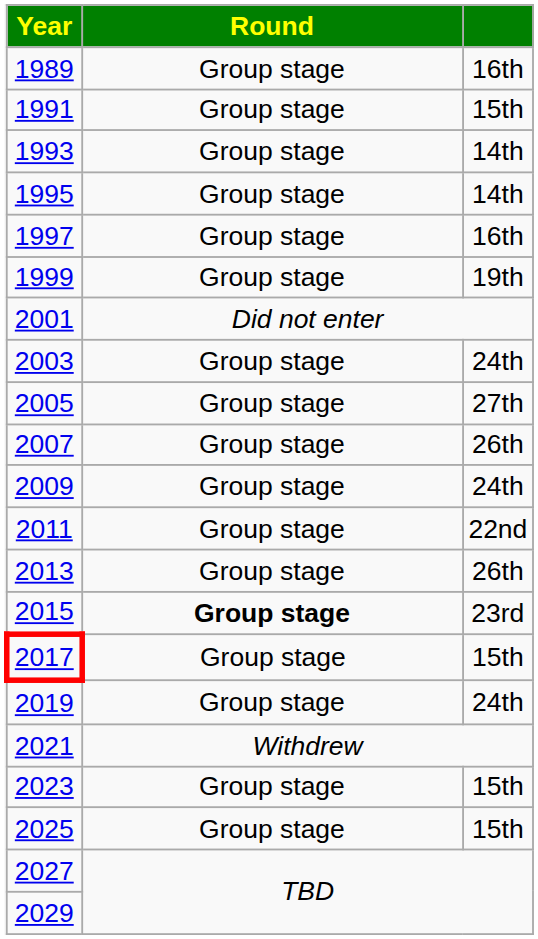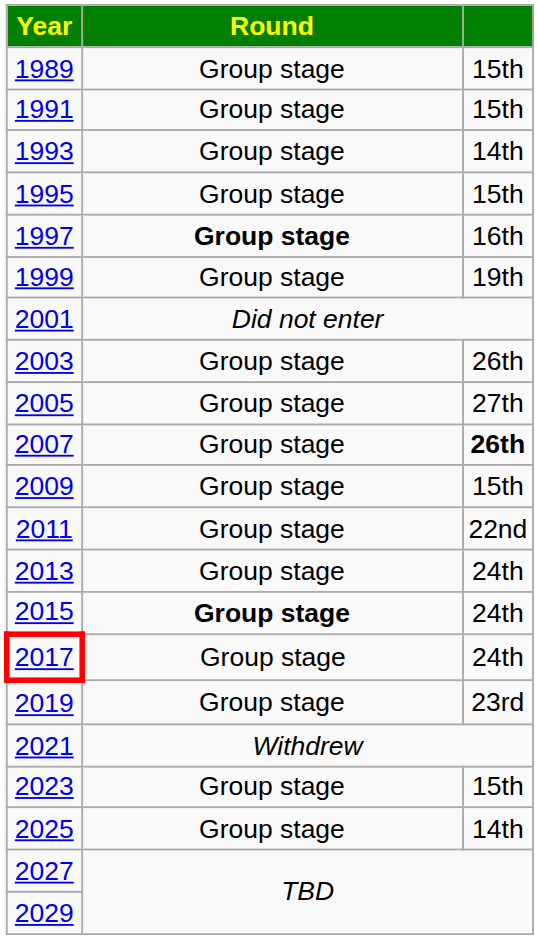 <table class="wikitable" style="text-align: center; font-size:90%">
 <tr style="color:yellow;">
 <th style="background:green;">Year</th>
 <th style="background:green; width:200px">Round</th>
 <th style="background:green;"></th>
 </tr>
 <tr>
 <td><a href='#'>1989</a></td>
 <td>Group stage</td>
-<td>16th</td>
+<td>15th</td>
 </tr>
 <tr>
 <td><a href='#'>1991</a></td>
 <td>Group stage</td>
 <td>15th</td>
 </tr>
 <tr>
 <td><a href='#'>1993</a></td>
 <td>Group stage</td>
 <td>14th</td>
 </tr>
 <tr>
 <td><a href='#'>1995</a></td>
 <td>Group stage</td>
-<td>14th</td>
+<td>15th</td>
 </tr>
 <tr>
 <td><a href='#'>1997</a></td>
-<td>Group stage</td>
+<td><strong>Group stage</strong></td>
 <td>16th</td>
 </tr>
 <tr>
 <td><a href='#'>1999</a></td>
 <td>Group stage</td>
 <td>19th</td>
 </tr>
 <tr>
 <td><a href='#'>2001</a></td>
 <td colspan="2"><em>Did not enter</em></td>
 </tr>
 <tr>
 <td><a href='#'>2003</a></td>
 <td>Group stage</td>
-<td>24th</td>
+<td>26th</td>
 </tr>
 <tr>
 <td><a href='#'>2005</a></td>
 <td>Group stage</td>
 <td>27th</td>
 </tr>
 <tr>
 <td><a href='#'>2007</a></td>
 <td>Group stage</td>
-<td>26th</td>
+<td><strong>26th</strong></td>
 </tr>
 <tr>
 <td><a href='#'>2009</a></td>
 <td>Group stage</td>
-<td>24th</td>
+<td>15th</td>
 </tr>
 <tr>
 <td><a href='#'>2011</a></td>
 <td>Group stage</td>
 <td>22nd</td>
 </tr>
 <tr>
 <td><a href='#'>2013</a></td>
 <td>Group stage</td>
-<td>26th</td>
+<td>24th</td>
 </tr>
 <tr>
 <td><a href='#'>2015</a></td>
 <td><strong>Group stage</strong></td>
-<td>23rd</td>
+<td>24th</td>
 </tr>
 <tr>
 <td style="border: 3px solid red"><a href='#'>2017</a></td>
 <td>Group stage</td>
-<td>15th</td>
+<td>24th</td>
 </tr>
 <tr>
 <td><a href='#'>2019</a></td>
 <td>Group stage</td>
-<td>24th</td>
+<td>23rd</td>
 </tr>
 <tr>
 <td><a href='#'>2021</a></td>
 <td colspan="2"><em>Withdrew</em></td>
 </tr>
 <tr>
 <td><a href='#'>2023</a></td>
 <td>Group stage</td>
 <td>15th</td>
 </tr>
 <tr>
 <td><a href='#'>2025</a></td>
 <td>Group stage</td>
-<td>15th</td>
+<td>14th</td>
 </tr>
 <tr>
 <td><a href='#'>2027</a></td>
 <td colspan="2" rowspan="2"><em>TBD</em></td>
 </tr>
 <tr>
 <td><a href='#'>2029</a></td>
 </tr>
 </table>
